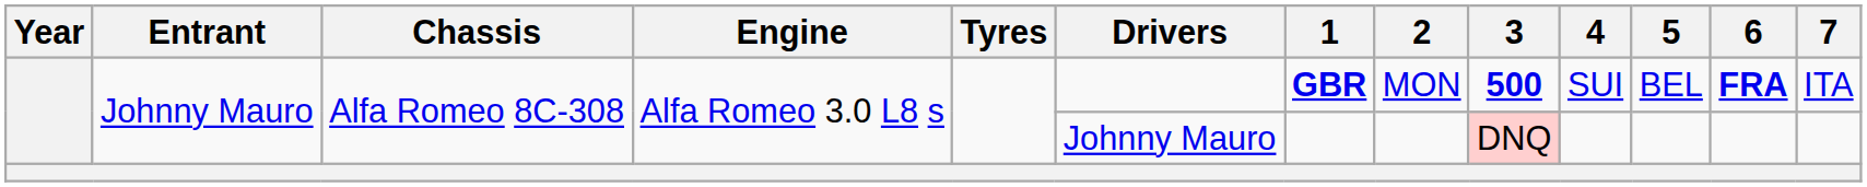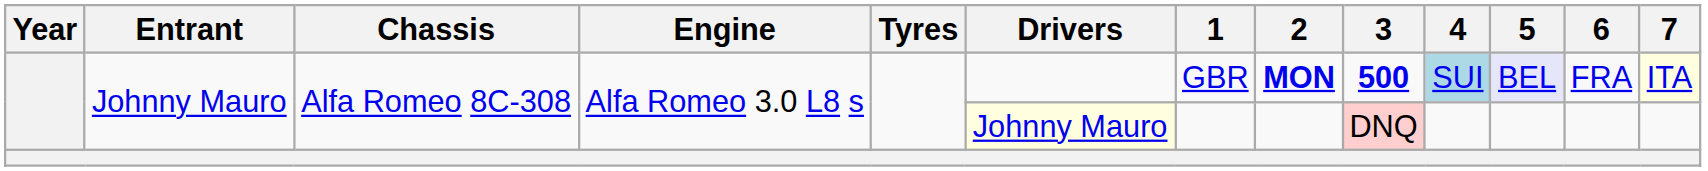 <table class="wikitable" style="text-align:center; font-size:85%">
 <tr>
 <th>Year</th>
 <th>Entrant</th>
 <th>Chassis</th>
 <th>Engine</th>
 <th>Tyres</th>
 <th>Drivers</th>
 <th>1</th>
 <th>2</th>
 <th>3</th>
 <th>4</th>
 <th>5</th>
 <th>6</th>
 <th>7</th>
 </tr>
 <tr>
 <th rowspan=2></th>
 <td rowspan=2><a href='#'>Johnny Mauro</a></td>
 <td rowspan=2><a href='#'>Alfa Romeo</a> <a href='#'>8C-308</a></td>
 <td rowspan=2><a href='#'>Alfa Romeo</a> 3.0 <a href='#'>L8</a> <a href='#'>s</a></td>
 <td rowspan=2></td>
 <td></td>
-<td><strong><a href='#'>GBR</a></strong></td>
-<td><a href='#'>MON</a></td>
+<td><a href='#'>GBR</a></td>
+<td><strong><a href='#'>MON</a></strong></td>
 <td><strong><a href='#'>500</a></strong></td>
-<td><a href='#'>SUI</a></td>
-<td><a href='#'>BEL</a></td>
-<td><strong><a href='#'>FRA</a></strong></td>
-<td><a href='#'>ITA</a></td>
+<td style="background: lightblue;"><a href='#'>SUI</a></td>
+<td style="background: lavender;"><a href='#'>BEL</a></td>
+<td><a href='#'>FRA</a></td>
+<td style="background: lightyellow;"><a href='#'>ITA</a></td>
 </tr>
 <tr>
-<td align="left"> <a href='#'>Johnny Mauro</a></td>
+<td align="left" style="background: lightyellow;"> <a href='#'>Johnny Mauro</a></td>
 <td></td>
 <td></td>
 <td style="background-color:#ffcfcf">DNQ</td>
 <td></td>
 <td></td>
 <td></td>
 <td></td>
 </tr>
 <tr>
 <th colspan=13></th>
 </tr>
 </table>
